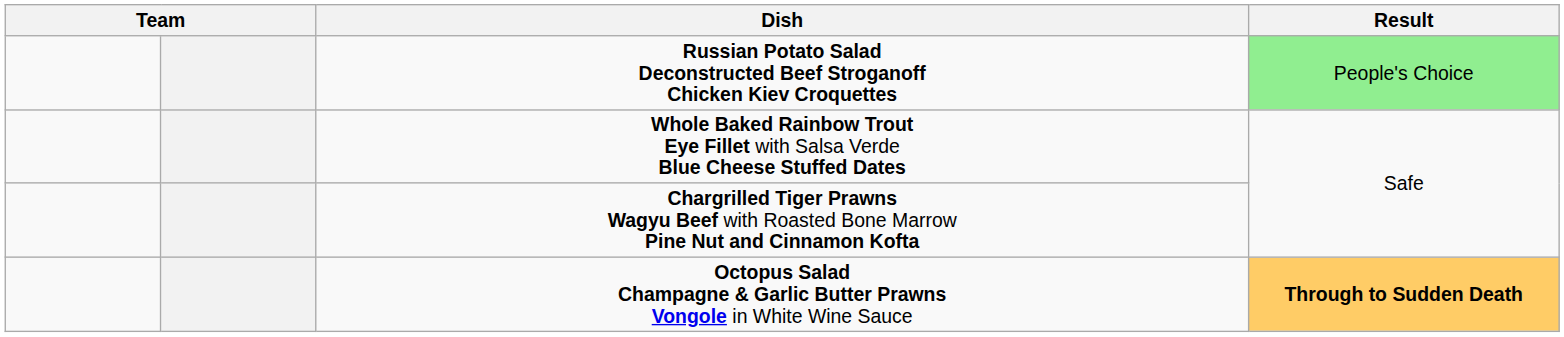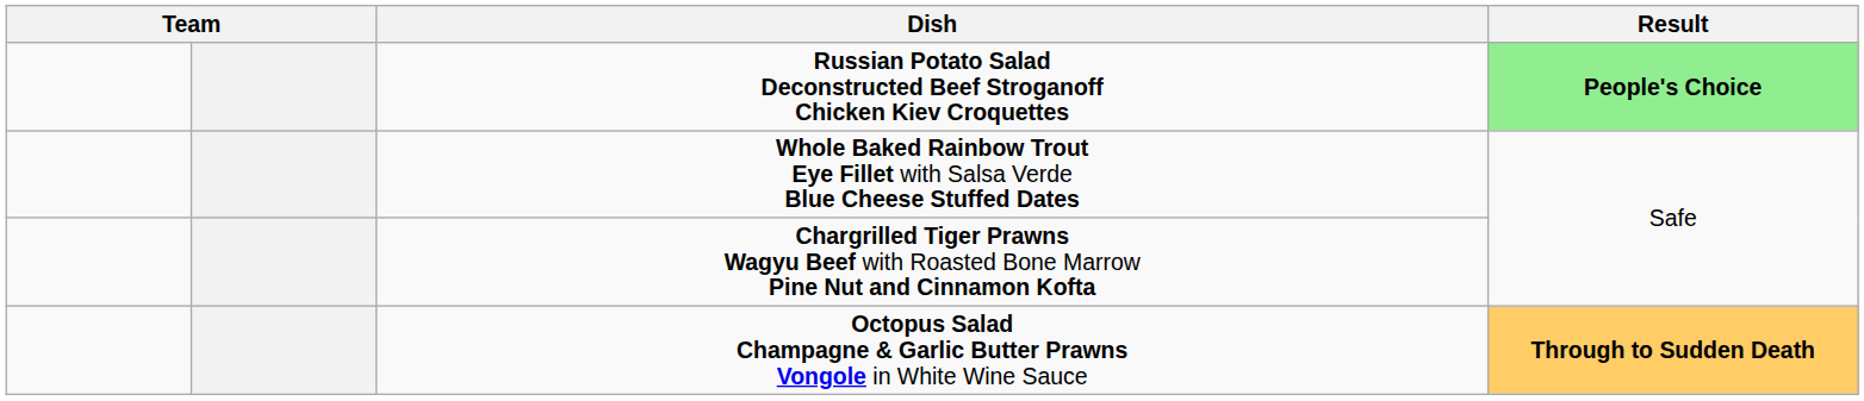 <table class="wikitable plainrowheaders" style="text-align:center; font-size:90%; width:80em; margin-left: auto; margin-right: auto; border: none;">
 <tr>
 <th style="width:20%;" colspan="2">Team</th>
 <th style="width:60%;">Dish</th>
 <th style="width:20%;">Result</th>
 </tr>
 <tr>
 <td></td>
 <th></th>
 <td><strong>Russian Potato Salad</strong><br><strong>Deconstructed Beef Stroganoff</strong><br><strong>Chicken Kiev Croquettes</strong></td>
-<td style="background:lightgreen">People's Choice</td>
+<td style="background:lightgreen"><strong>People's Choice</strong></td>
 </tr>
 <tr>
 <td></td>
 <th></th>
 <td><strong>Whole Baked Rainbow Trout</strong><br><strong>Eye Fillet</strong> with Salsa Verde<br><strong>Blue Cheese Stuffed Dates</strong></td>
 <td rowspan="2">Safe</td>
 </tr>
 <tr>
 <td></td>
 <th></th>
 <td><strong>Chargrilled Tiger Prawns</strong><br><strong>Wagyu Beef</strong> with Roasted Bone Marrow<br><strong>Pine Nut and Cinnamon Kofta</strong></td>
 </tr>
 <tr>
 <td></td>
 <th></th>
 <td><strong>Octopus Salad</strong><br><strong>Champagne & Garlic Butter Prawns</strong><br><strong><a href='#'>Vongole</a></strong> in White Wine Sauce</td>
 <td style="background:#FFCC66"><strong>Through to Sudden Death</strong></td>
 </tr>
 </table>
